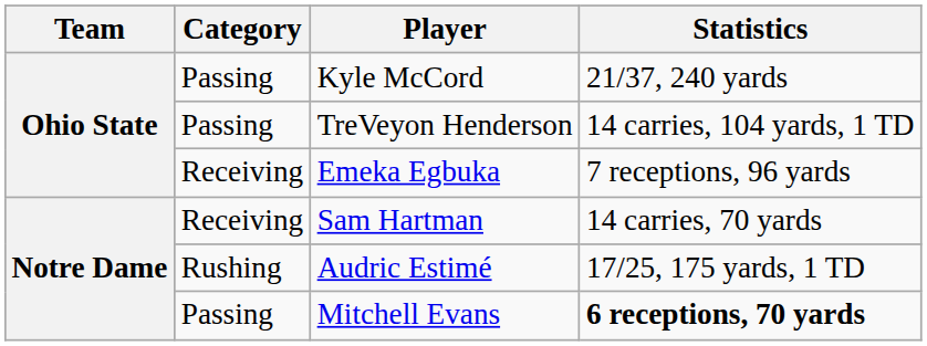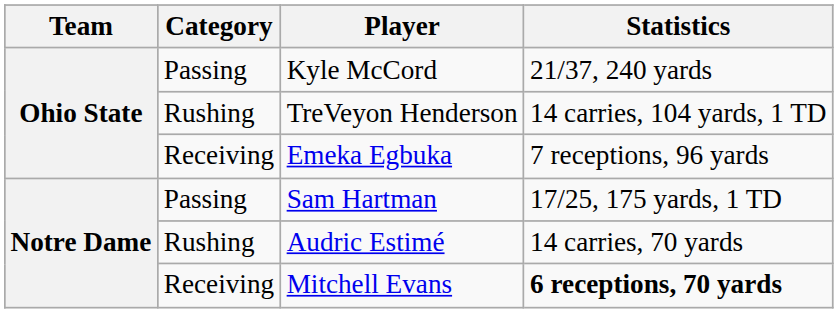 <table class="wikitable" style="float:right">
 <tr>
 <th>Team</th>
 <th>Category</th>
 <th>Player</th>
 <th>Statistics</th>
 </tr>
 <tr>
 <th rowspan=3>Ohio State</th>
 <td>Passing</td>
 <td>Kyle McCord</td>
 <td>21/37, 240 yards</td>
 </tr>
 <tr>
-<td>Passing</td>
+<td>Rushing</td>
 <td>TreVeyon Henderson</td>
 <td>14 carries, 104 yards, 1 TD</td>
 </tr>
 <tr>
 <td>Receiving</td>
 <td><a href='#'>Emeka Egbuka</a></td>
 <td>7 receptions, 96 yards</td>
 </tr>
 <tr>
 <th rowspan=3>Notre Dame</th>
-<td>Receiving</td>
+<td>Passing</td>
 <td><a href='#'>Sam Hartman</a></td>
-<td>14 carries, 70 yards</td>
+<td>17/25, 175 yards, 1 TD</td>
 </tr>
 <tr>
 <td>Rushing</td>
 <td><a href='#'>Audric Estimé</a></td>
-<td>17/25, 175 yards, 1 TD</td>
+<td>14 carries, 70 yards</td>
 </tr>
 <tr>
-<td>Passing</td>
+<td>Receiving</td>
 <td><a href='#'>Mitchell Evans</a></td>
 <td><strong>6 receptions, 70 yards</strong></td>
 </tr>
 </table>
